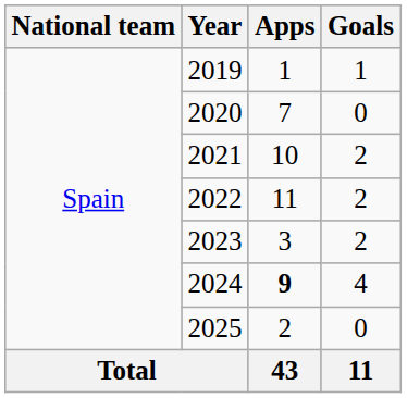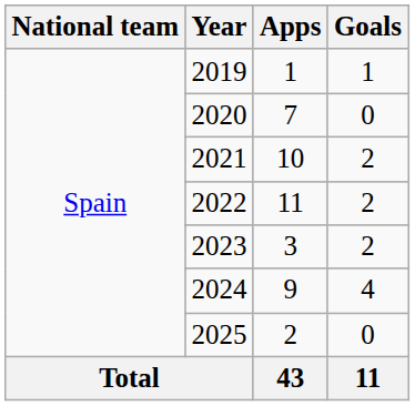 <table class=wikitable style="text-align:center">
 <tr>
 <th>National team</th>
 <th>Year</th>
 <th>Apps</th>
 <th>Goals</th>
 </tr>
 <tr>
 <td rowspan="7"><a href='#'>Spain</a></td>
 <td>2019</td>
 <td>1</td>
 <td>1</td>
 </tr>
 <tr>
 <td>2020</td>
 <td>7</td>
 <td>0</td>
 </tr>
 <tr>
 <td>2021</td>
 <td>10</td>
 <td>2</td>
 </tr>
 <tr>
 <td>2022</td>
 <td>11</td>
 <td>2</td>
 </tr>
 <tr>
 <td>2023</td>
 <td>3</td>
 <td>2</td>
 </tr>
 <tr>
 <td>2024</td>
-<td><strong>9</strong></td>
+<td>9</td>
 <td>4</td>
 </tr>
 <tr>
 <td>2025</td>
 <td>2</td>
 <td>0</td>
 </tr>
 <tr>
 <th colspan="2">Total</th>
 <th>43</th>
 <th>11</th>
 </tr>
 </table>
